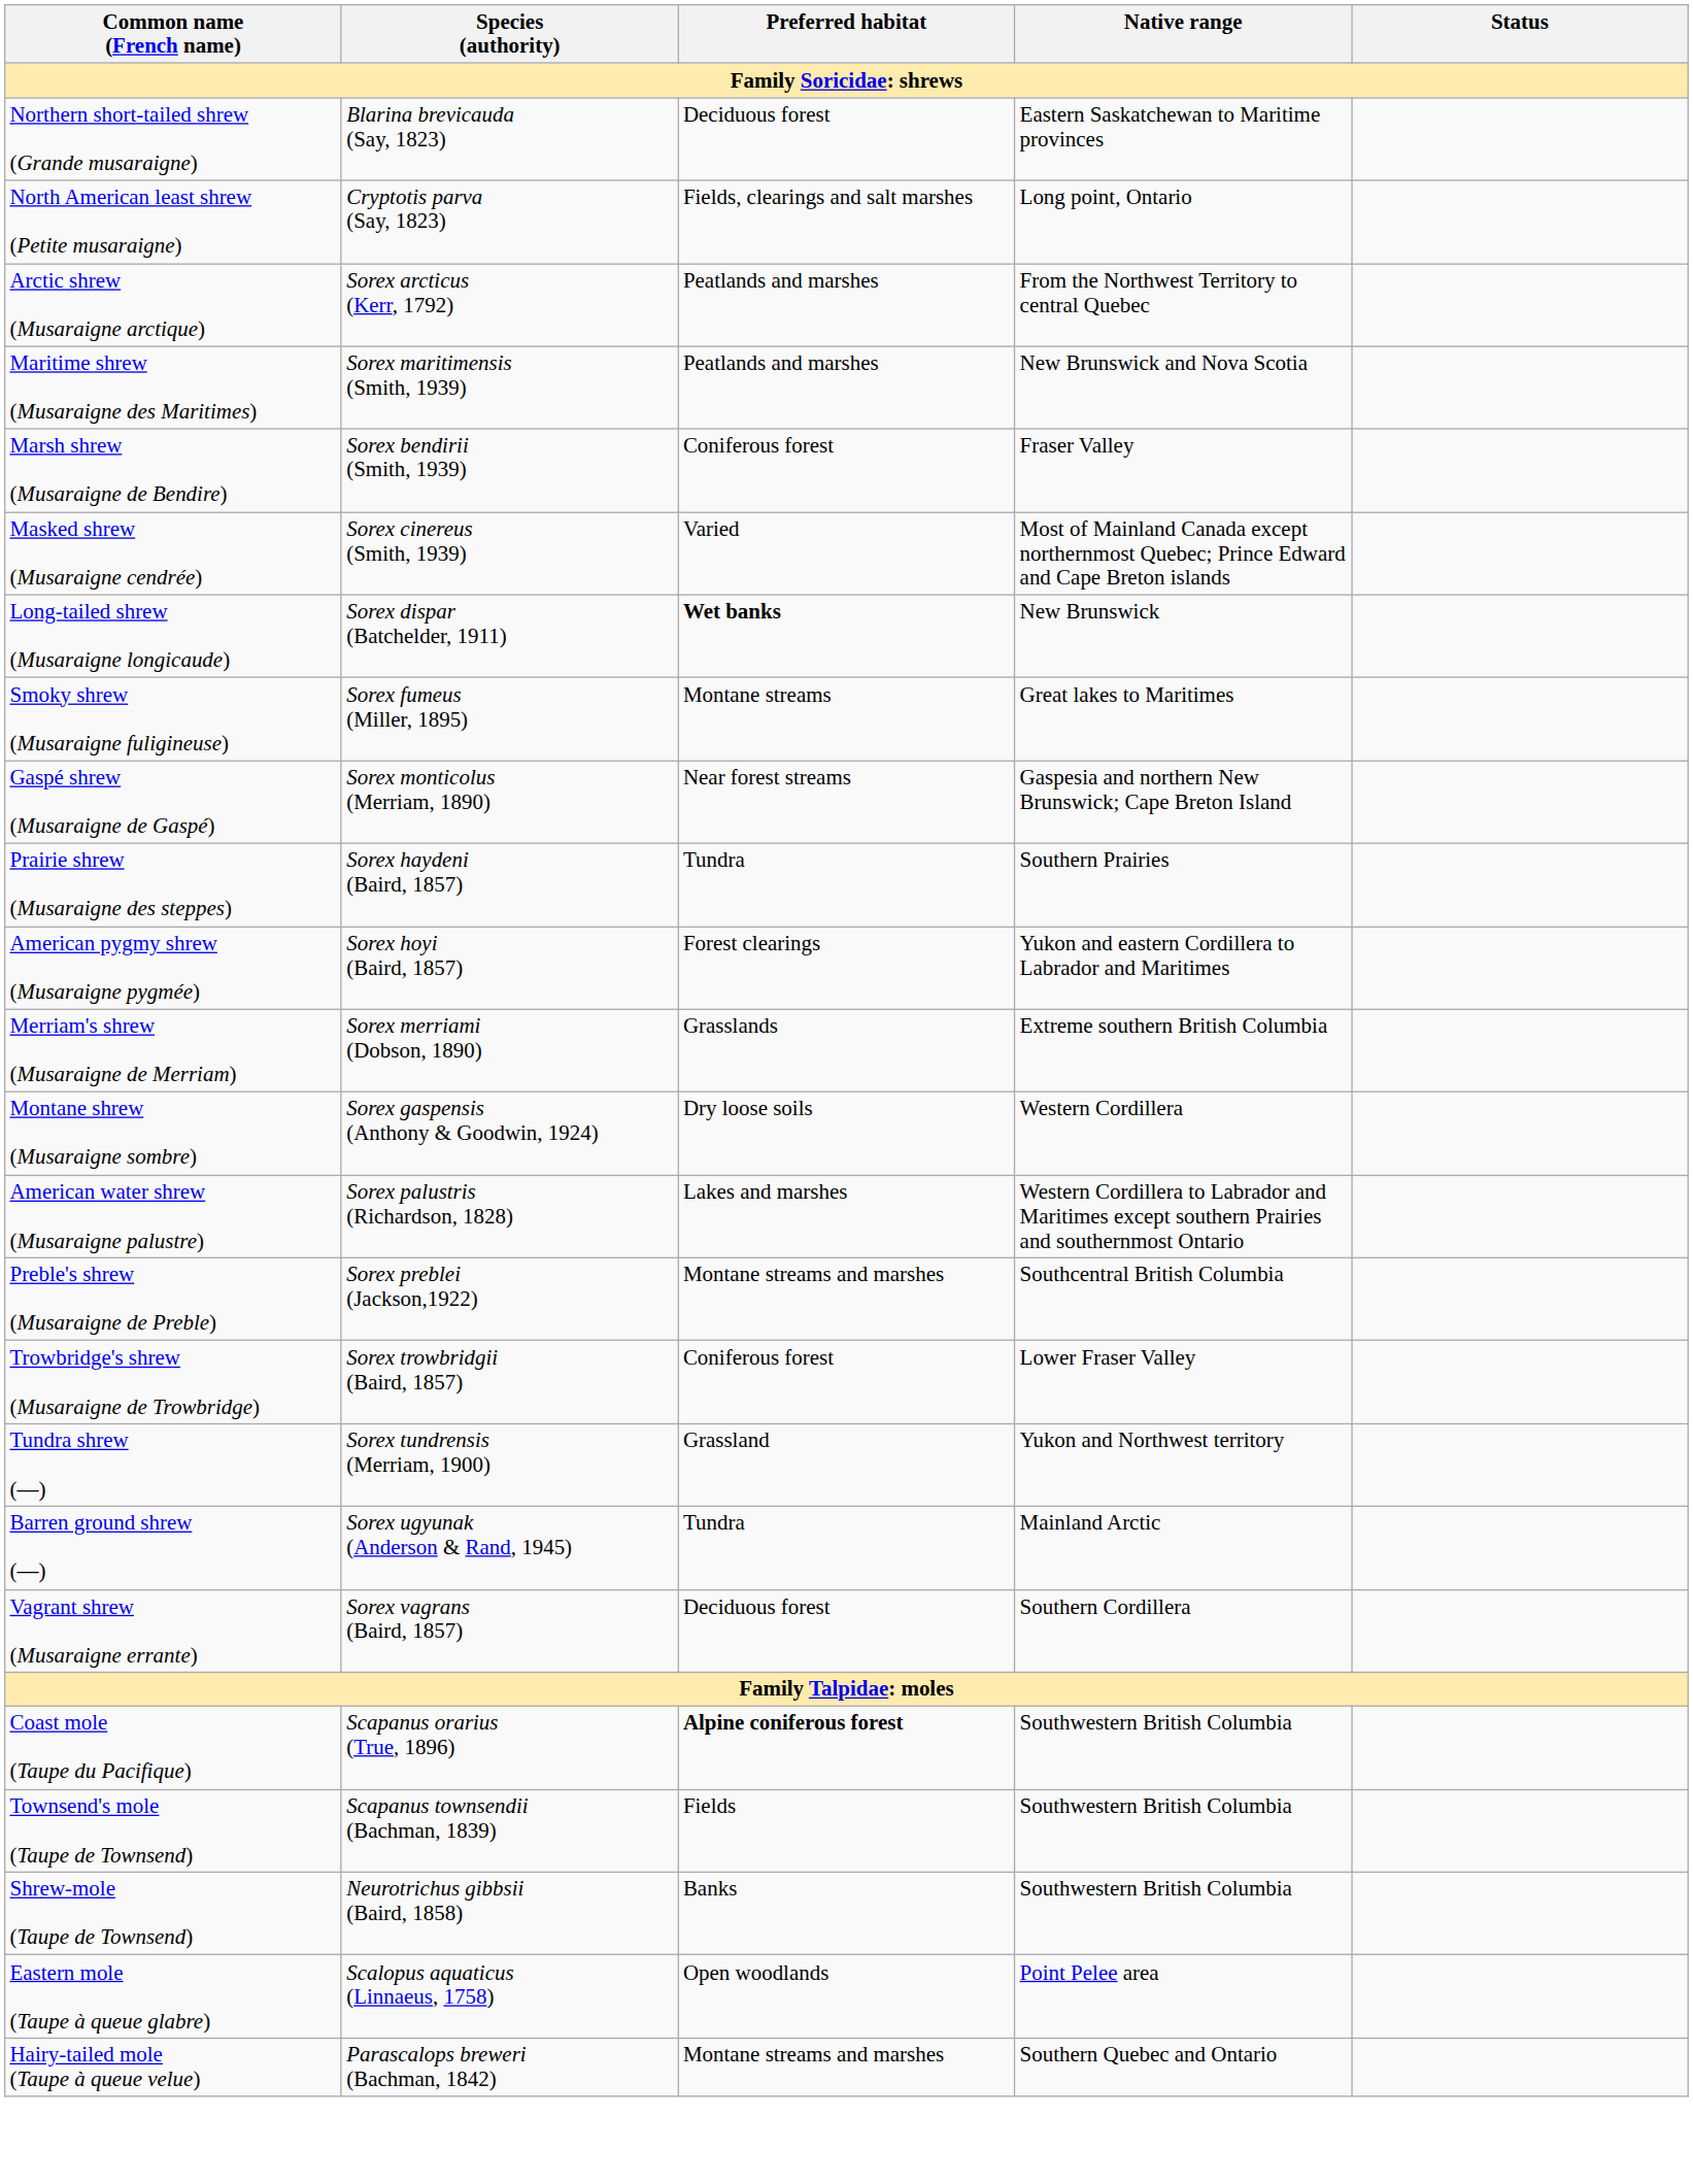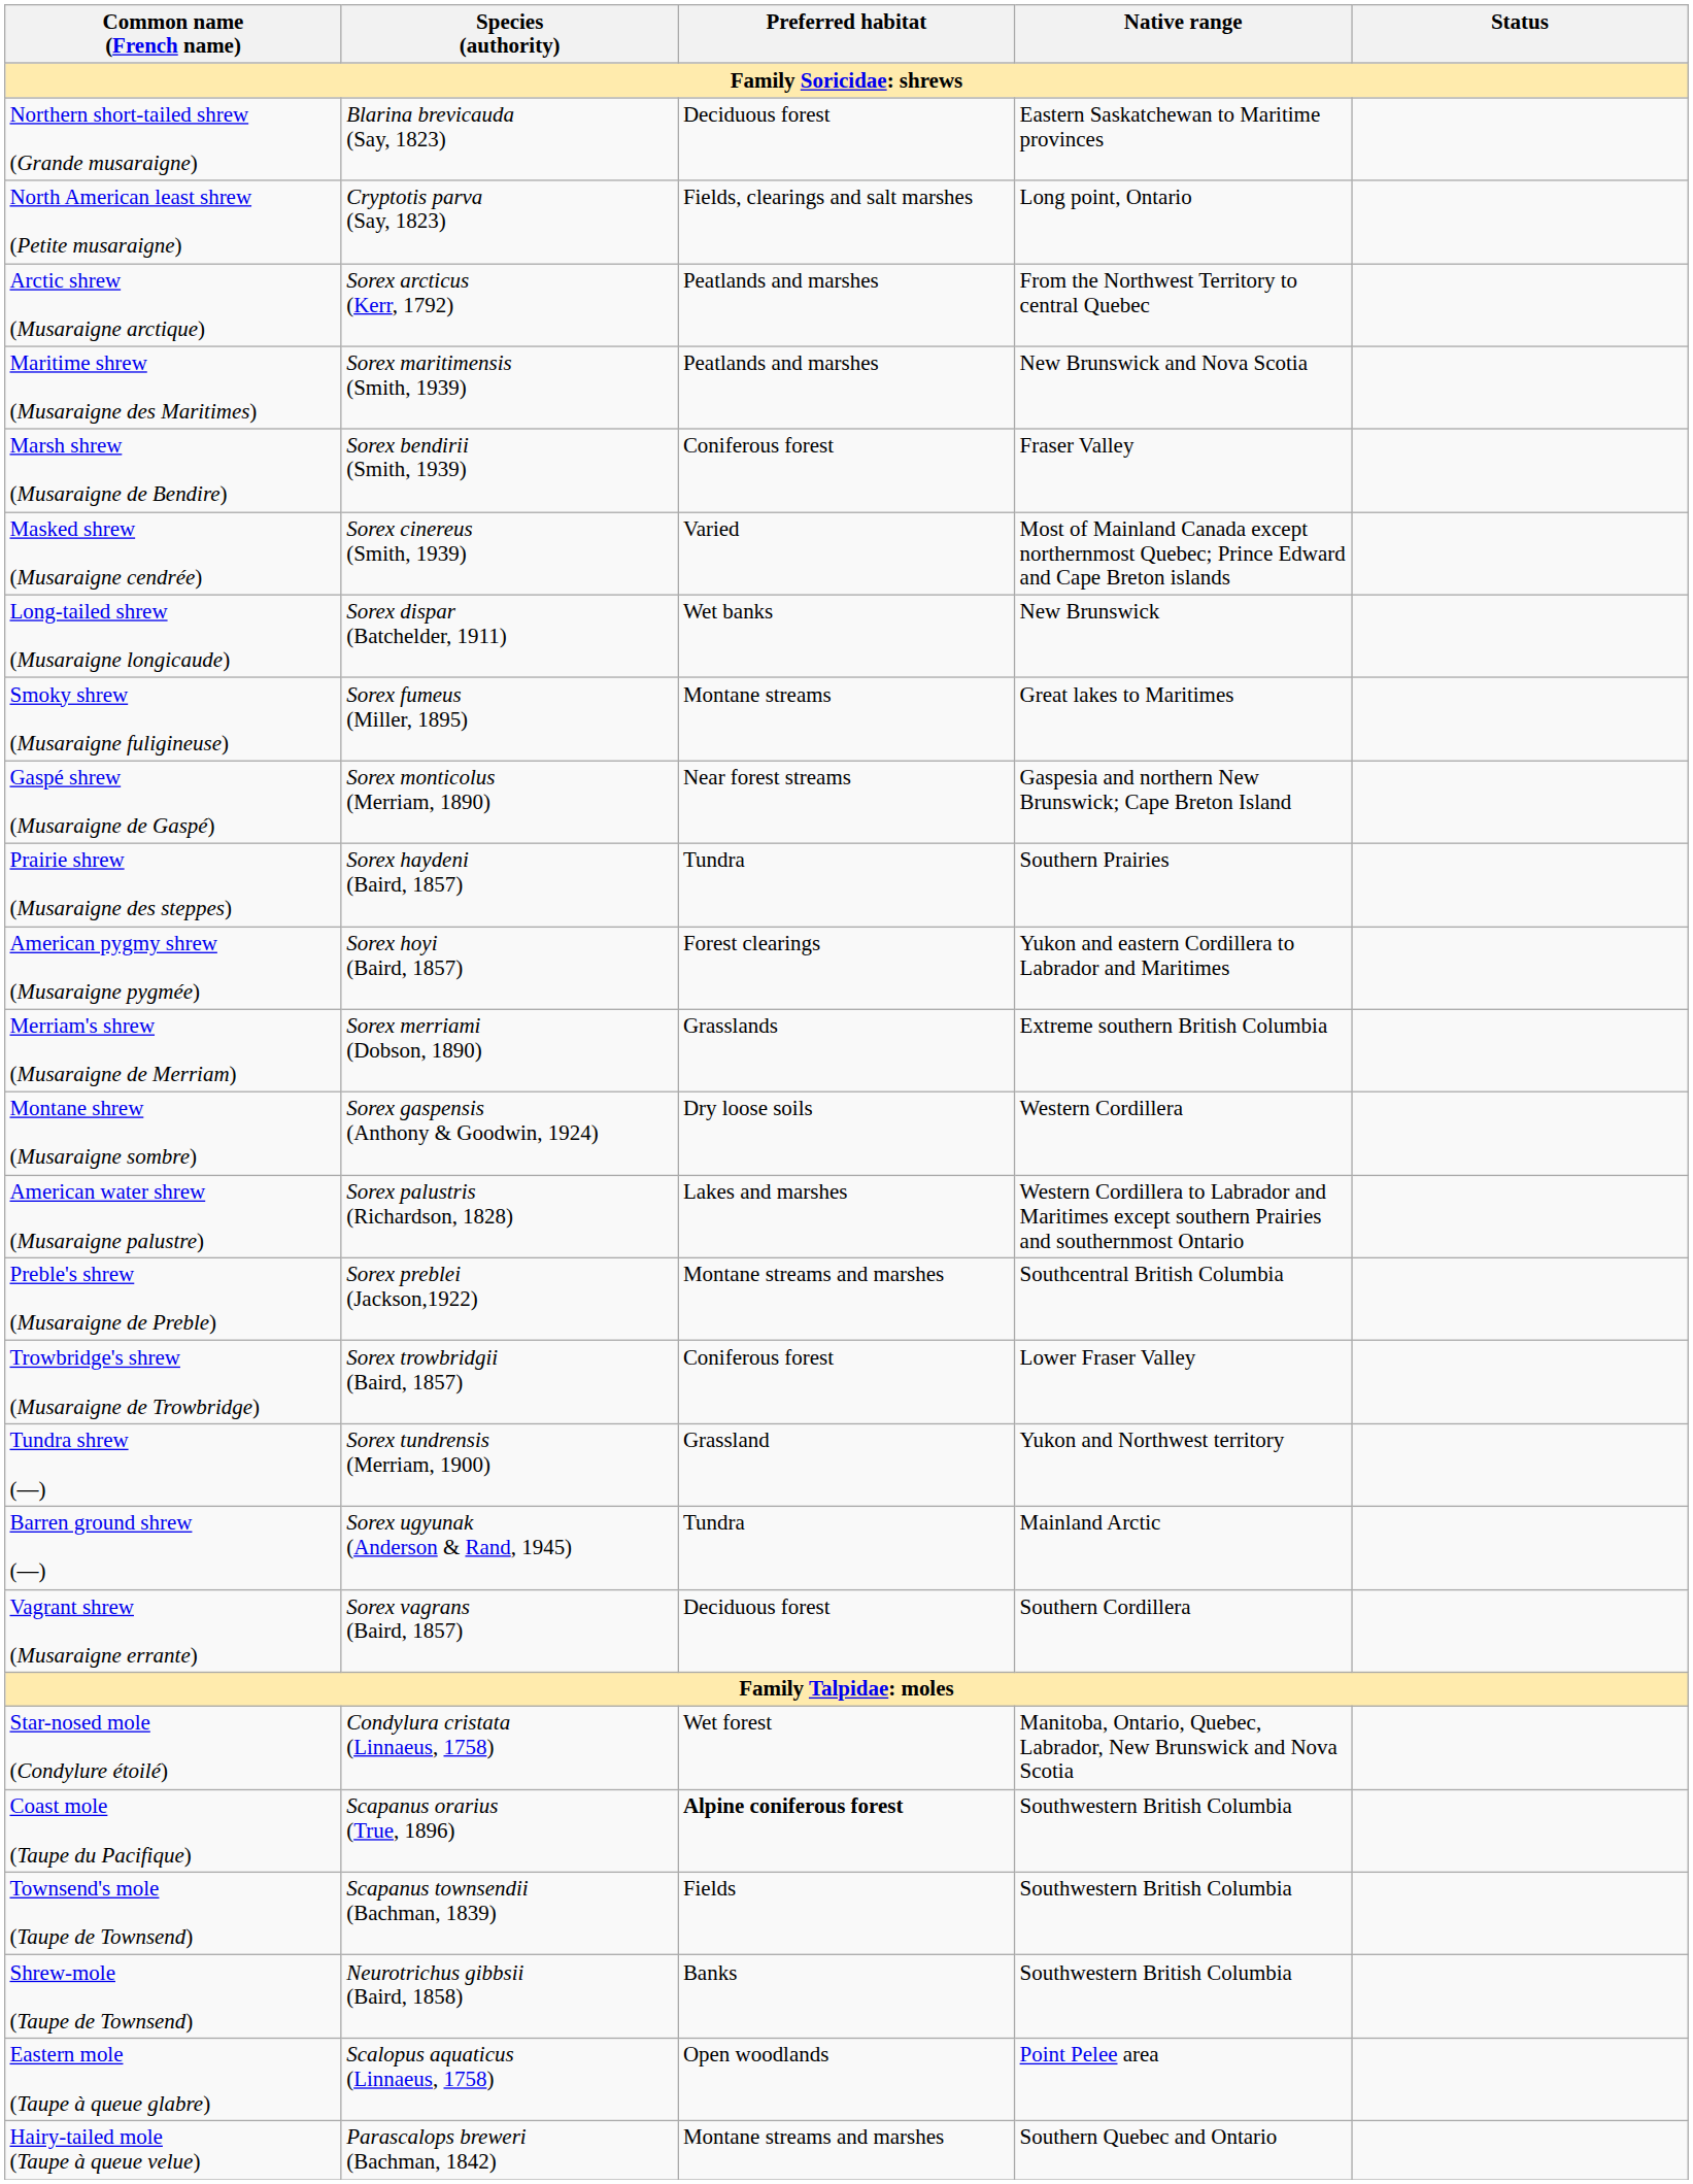 <table class="wikitable sortable sticky-header-multi" style=text-align:center" style="margin:1em auto;">
 <tr valign="top">
 <th style="width:20%;">Common name<br>(<a href='#'>French</a> name)</th>
 <th style="width:20%;">Species<br>(authority)</th>
 <th style="width:20%;">Preferred habitat</th>
 <th style="width:20%;">Native range</th>
 <th style="width:20%;">Status</th>
 </tr>
 <tr>
 <td style="text-align:center;" bgcolor="#ffebad" colspan=5><strong>Family <a href='#'>Soricidae</a>: shrews</strong></td>
 </tr>
 <tr valign="top">
 <td><a href='#'>Northern short-tailed shrew</a><br> <br>(<em>Grande musaraigne</em>)</td>
 <td><em>Blarina brevicauda</em><br>(Say, 1823)</td>
 <td>Deciduous forest</td>
 <td>Eastern Saskatchewan to Maritime provinces</td>
 <td></td>
 </tr>
 <tr valign="top">
 <td><a href='#'>North American least shrew</a><br> <br>(<em>Petite musaraigne</em>)</td>
 <td><em>Cryptotis parva</em><br>(Say, 1823)</td>
 <td>Fields, clearings and salt marshes</td>
 <td>Long point, Ontario</td>
 <td></td>
 </tr>
 <tr valign="top">
 <td><a href='#'>Arctic shrew</a><br> <br>(<em>Musaraigne arctique</em>)</td>
 <td><em>Sorex arcticus</em><br>(<a href='#'>Kerr</a>, 1792)</td>
 <td>Peatlands and marshes</td>
 <td>From the Northwest Territory to central Quebec</td>
 <td></td>
 </tr>
 <tr valign="top">
 <td><a href='#'>Maritime shrew</a><br><br>(<em>Musaraigne des Maritimes</em>)</td>
 <td><em>Sorex maritimensis</em><br>(Smith, 1939)</td>
 <td>Peatlands and marshes</td>
 <td>New Brunswick and Nova Scotia</td>
 <td></td>
 </tr>
 <tr valign="top">
 <td><a href='#'>Marsh shrew</a><br> <br>(<em>Musaraigne de Bendire</em>)</td>
 <td><em>Sorex bendirii</em><br>(Smith, 1939)</td>
 <td>Coniferous forest</td>
 <td>Fraser Valley</td>
 <td></td>
 </tr>
 <tr valign="top">
 <td><a href='#'>Masked shrew</a><br> <br>(<em>Musaraigne cendrée</em>)</td>
 <td><em>Sorex cinereus</em><br>(Smith, 1939)</td>
 <td>Varied</td>
 <td>Most of Mainland Canada except northernmost Quebec; Prince Edward and Cape Breton islands</td>
 <td></td>
 </tr>
 <tr valign="top">
 <td><a href='#'>Long-tailed shrew</a><br><br>(<em>Musaraigne longicaude</em>)</td>
 <td><em>Sorex dispar</em><br>(Batchelder, 1911)</td>
-<td><strong>Wet banks</strong></td>
+<td>Wet banks</td>
 <td>New Brunswick</td>
 <td></td>
 </tr>
 <tr valign="top">
 <td><a href='#'>Smoky shrew</a><br> <br>(<em>Musaraigne fuligineuse</em>)</td>
 <td><em>Sorex fumeus</em><br>(Miller, 1895)</td>
 <td>Montane streams</td>
 <td>Great lakes to Maritimes</td>
 <td></td>
 </tr>
 <tr valign="top">
 <td><a href='#'>Gaspé shrew</a><br><br>(<em>Musaraigne de Gaspé</em>)</td>
 <td><em>Sorex monticolus</em><br>(Merriam, 1890)</td>
 <td>Near forest streams</td>
 <td>Gaspesia and northern New Brunswick; Cape Breton Island</td>
 <td></td>
 </tr>
 <tr valign="top">
 <td><a href='#'>Prairie shrew</a><br><br>(<em>Musaraigne des steppes</em>)</td>
 <td><em>Sorex haydeni</em><br>(Baird, 1857)</td>
 <td>Tundra</td>
 <td>Southern Prairies</td>
 <td></td>
 </tr>
 <tr valign="top">
 <td><a href='#'>American pygmy shrew</a><br><br>(<em>Musaraigne pygmée</em>)</td>
 <td><em>Sorex hoyi</em><br>(Baird, 1857)</td>
 <td>Forest clearings</td>
 <td>Yukon and eastern Cordillera to Labrador and Maritimes</td>
 <td></td>
 </tr>
 <tr valign="top">
 <td><a href='#'>Merriam's shrew</a><br><br>(<em>Musaraigne de Merriam</em>)</td>
 <td><em>Sorex merriami</em><br>(Dobson, 1890)</td>
 <td>Grasslands</td>
 <td>Extreme southern British Columbia</td>
 <td></td>
 </tr>
 <tr valign="top">
 <td><a href='#'>Montane shrew</a><br><br>(<em>Musaraigne sombre</em>)</td>
 <td><em>Sorex gaspensis</em><br>(Anthony & Goodwin, 1924)</td>
 <td>Dry loose soils</td>
 <td>Western Cordillera</td>
 <td></td>
 </tr>
 <tr valign="top">
 <td><a href='#'>American water shrew</a><br> <br>(<em>Musaraigne palustre</em>)</td>
 <td><em>Sorex palustris</em><br>(Richardson, 1828)</td>
 <td>Lakes and marshes</td>
 <td>Western Cordillera to Labrador and Maritimes except southern Prairies and southernmost Ontario</td>
 <td></td>
 </tr>
 <tr valign="top">
 <td><a href='#'>Preble's shrew</a><br><br>(<em>Musaraigne de Preble</em>)</td>
 <td><em>Sorex preblei</em><br>(Jackson,1922)</td>
 <td>Montane streams and marshes</td>
 <td>Southcentral British Columbia</td>
 <td></td>
 </tr>
 <tr valign="top">
 <td><a href='#'>Trowbridge's shrew</a><br><br>(<em>Musaraigne de Trowbridge</em>)</td>
 <td><em>Sorex trowbridgii</em><br>(Baird, 1857)</td>
 <td>Coniferous forest</td>
 <td>Lower Fraser Valley</td>
 <td></td>
 </tr>
 <tr valign="top">
 <td><a href='#'>Tundra shrew</a><br><br>(—)</td>
 <td><em>Sorex tundrensis</em><br>(Merriam, 1900)</td>
 <td>Grassland</td>
 <td>Yukon and Northwest territory</td>
 <td></td>
 </tr>
 <tr valign="top">
 <td><a href='#'>Barren ground shrew</a><br><br>(—)</td>
 <td><em>Sorex ugyunak</em><br>(<a href='#'>Anderson</a> & <a href='#'>Rand</a>, 1945)</td>
 <td>Tundra</td>
 <td>Mainland Arctic</td>
 <td></td>
 </tr>
 <tr valign="top">
 <td><a href='#'>Vagrant shrew</a><br><br>(<em>Musaraigne errante</em>)</td>
 <td><em>Sorex vagrans</em><br>(Baird, 1857)</td>
 <td>Deciduous forest</td>
 <td>Southern Cordillera</td>
 <td></td>
 </tr>
 <tr>
 <td style="text-align:center;" bgcolor="#ffebad" colspan=5><strong>Family <a href='#'>Talpidae</a>: moles</strong></td>
 </tr>
 <tr valign="top">
+<td><a href='#'>Star-nosed mole</a><br> <br>(<em>Condylure étoilé</em>)</td>
+<td><em>Condylura cristata</em><br>(<a href='#'>Linnaeus</a>, <a href='#'>1758</a>)</td>
+<td>Wet forest</td>
+<td>Manitoba, Ontario, Quebec, Labrador, New Brunswick and Nova Scotia</td>
+<td></td>
+</tr>
+<tr valign="top">
 <td><a href='#'>Coast mole</a><br><br>(<em>Taupe du Pacifique</em>)</td>
 <td><em>Scapanus orarius</em><br>(<a href='#'>True</a>, 1896)</td>
 <td><strong>Alpine coniferous forest</strong></td>
 <td>Southwestern British Columbia</td>
 <td></td>
 </tr>
 <tr valign="top">
 <td><a href='#'>Townsend's mole</a><br><br>(<em>Taupe de Townsend</em>)</td>
 <td><em>Scapanus townsendii</em><br>(Bachman, 1839)</td>
 <td>Fields</td>
 <td>Southwestern British Columbia</td>
 <td></td>
 </tr>
 <tr valign="top">
 <td><a href='#'>Shrew-mole</a><br> <br>(<em>Taupe de Townsend</em>)</td>
 <td><em>Neurotrichus gibbsii</em><br>(Baird, 1858)</td>
 <td>Banks</td>
 <td>Southwestern British Columbia</td>
 <td></td>
 </tr>
 <tr valign="top">
 <td><a href='#'>Eastern mole</a><br><br>(<em>Taupe à queue glabre</em>)</td>
 <td><em>Scalopus aquaticus</em><br>(<a href='#'>Linnaeus</a>, <a href='#'>1758</a>)</td>
 <td>Open woodlands</td>
 <td><a href='#'>Point Pelee</a> area</td>
 <td></td>
 </tr>
 <tr valign="top">
 <td><a href='#'>Hairy-tailed mole</a><br>(<em>Taupe à queue velue</em>)</td>
 <td><em>Parascalops breweri</em><br>(Bachman, 1842)</td>
 <td>Montane streams and marshes</td>
 <td>Southern Quebec and Ontario</td>
 <td></td>
 </tr>
 </table>
